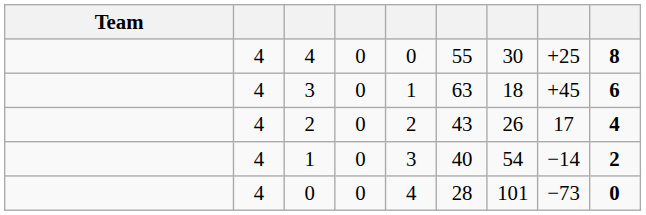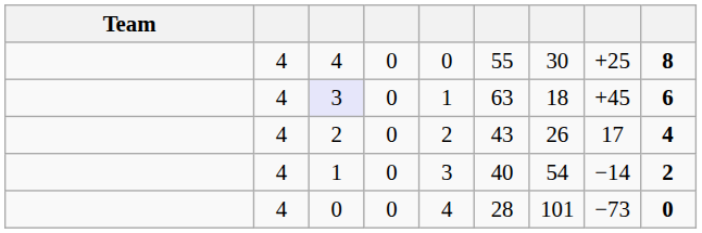 <table class="wikitable" style="text-align:center;font-size:95%">
 <tr>
 <th width=160>Team</th>
 <th width=30></th>
 <th width=30></th>
 <th width=30></th>
 <th width=30></th>
 <th width=30></th>
 <th width=30></th>
 <th width=30></th>
 <th width=30></th>
 </tr>
 <tr>
 <td align="left"></td>
 <td>4</td>
 <td>4</td>
 <td>0</td>
 <td>0</td>
 <td>55</td>
 <td>30</td>
 <td>+25</td>
 <td><strong>8</strong></td>
 </tr>
 <tr>
 <td align="left"></td>
 <td>4</td>
-<td>3</td>
+<td style="background: lavender;">3</td>
 <td>0</td>
 <td>1</td>
 <td>63</td>
 <td>18</td>
 <td>+45</td>
 <td><strong>6</strong></td>
 </tr>
 <tr>
 <td align="left"></td>
 <td>4</td>
 <td>2</td>
 <td>0</td>
 <td>2</td>
 <td>43</td>
 <td>26</td>
 <td>17</td>
 <td><strong>4</strong></td>
 </tr>
 <tr>
 <td align="left"></td>
 <td>4</td>
 <td>1</td>
 <td>0</td>
 <td>3</td>
 <td>40</td>
 <td>54</td>
 <td>−14</td>
 <td><strong>2</strong></td>
 </tr>
 <tr>
 <td align="left"></td>
 <td>4</td>
 <td>0</td>
 <td>0</td>
 <td>4</td>
 <td>28</td>
 <td>101</td>
 <td>−73</td>
 <td><strong>0</strong></td>
 </tr>
 </table>
